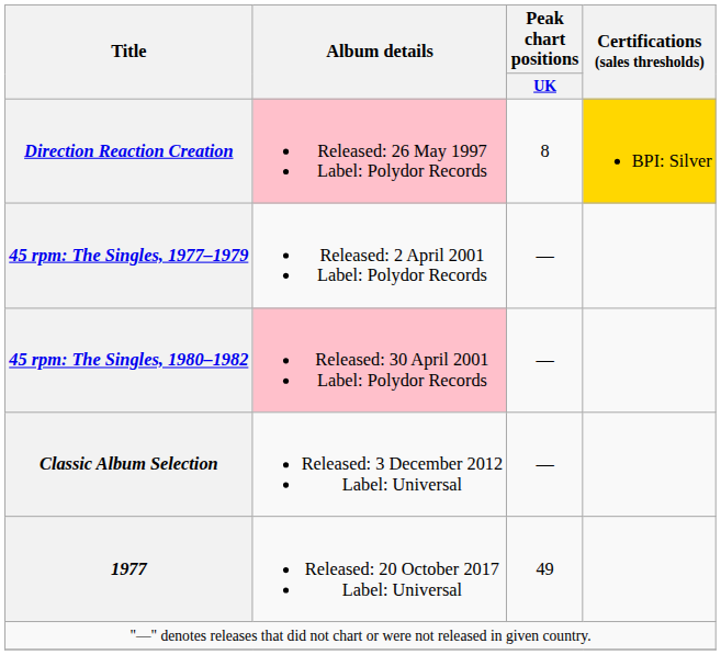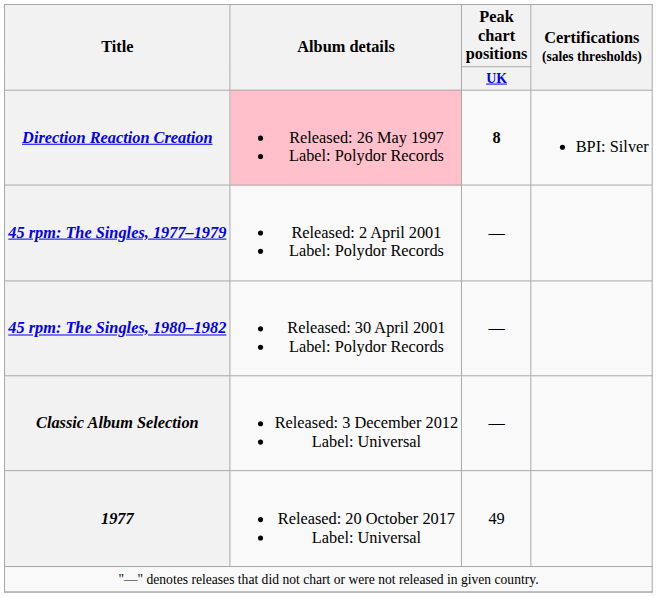 <table class="wikitable plainrowheaders" style="text-align:center;">
 <tr>
 <th rowspan="2">Title</th>
 <th rowspan="2">Album details</th>
 <th colspan="1">Peak chart positions</th>
 <th rowspan="2">Certifications<br><small>(sales thresholds)</small></th>
 </tr>
 <tr>
 <th style="width:3em;font-size:85%"><a href='#'>UK</a><br></th>
 </tr>
 <tr>
 <th scope="row"><em><a href='#'>Direction Reaction Creation</a></em></th>
 <td style="background: pink;"><br><ul><li>Released: 26 May 1997</li><li>Label: Polydor Records</li></ul></td>
-<td>8</td>
-<td style="background: gold;"><br><ul><li>BPI: Silver</li></ul></td>
+<td><strong>8</strong></td>
+<td><br><ul><li>BPI: Silver</li></ul></td>
 </tr>
 <tr>
 <th scope="row"><em><a href='#'>45 rpm: The Singles, 1977–1979</a></em></th>
 <td><br><ul><li>Released: 2 April 2001</li><li>Label: Polydor Records</li></ul></td>
 <td>—</td>
 <td></td>
 </tr>
 <tr>
 <th scope="row"><em><a href='#'>45 rpm: The Singles, 1980–1982</a></em></th>
-<td style="background: pink;"><br><ul><li>Released: 30 April 2001</li><li>Label: Polydor Records</li></ul></td>
+<td><br><ul><li>Released: 30 April 2001</li><li>Label: Polydor Records</li></ul></td>
 <td>—</td>
 <td></td>
 </tr>
 <tr>
 <th scope="row"><em>Classic Album Selection</em></th>
 <td><br><ul><li>Released: 3 December 2012</li><li>Label: Universal</li></ul></td>
 <td>—</td>
 <td></td>
 </tr>
 <tr>
 <th scope="row"><em>1977</em></th>
 <td><br><ul><li>Released: 20 October 2017</li><li>Label: Universal</li></ul></td>
 <td>49</td>
 <td></td>
 </tr>
 <tr>
 <td colspan="7"><small>"—" denotes releases that did not chart or were not released in given country.</small></td>
 </tr>
 <tr>
 </tr>
 </table>
